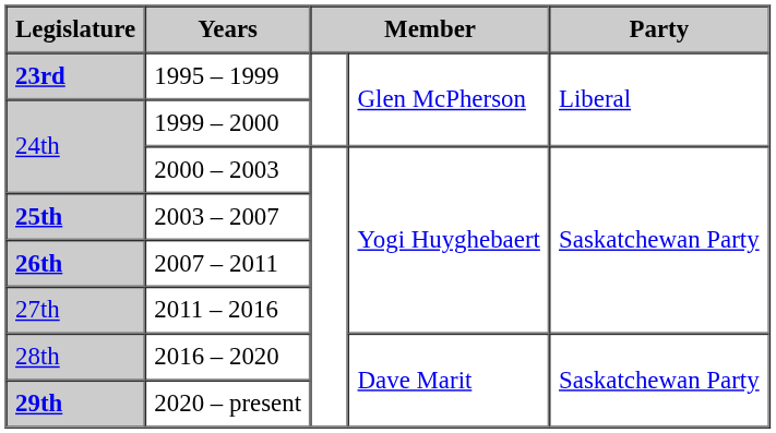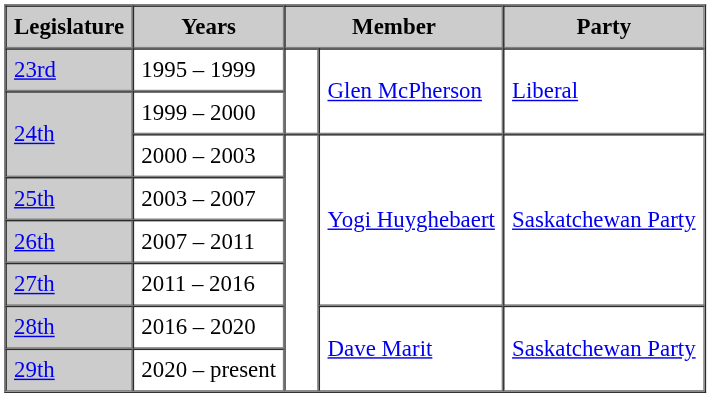 <table border=1 cellpadding=5 cellspacing=0>
 <tr bgcolor="CCCCCC">
 <th>Legislature</th>
 <th>Years</th>
 <th colspan="2">Member</th>
 <th>Party</th>
 </tr>
 <tr>
-<td bgcolor="CCCCCC"><strong><a href='#'>23rd</a></strong></td>
+<td bgcolor="CCCCCC"><a href='#'>23rd</a></td>
 <td>1995 – 1999</td>
 <td rowspan="2" >   </td>
 <td rowspan="2"><a href='#'>Glen McPherson</a></td>
 <td rowspan="2"><a href='#'>Liberal</a></td>
 </tr>
 <tr>
 <td bgcolor="CCCCCC" rowspan="2"><a href='#'>24th</a></td>
 <td>1999 – 2000</td>
 </tr>
 <tr>
 <td>2000 – 2003</td>
 <td rowspan="6" >   </td>
 <td rowspan="4"><a href='#'>Yogi Huyghebaert</a></td>
 <td rowspan="4"><a href='#'>Saskatchewan Party</a></td>
 </tr>
 <tr>
-<td bgcolor="CCCCCC"><strong><a href='#'>25th</a></strong></td>
+<td bgcolor="CCCCCC"><a href='#'>25th</a></td>
 <td>2003 – 2007</td>
 </tr>
 <tr>
-<td bgcolor="CCCCCC"><strong><a href='#'>26th</a></strong></td>
+<td bgcolor="CCCCCC"><a href='#'>26th</a></td>
 <td>2007 – 2011</td>
 </tr>
 <tr>
 <td bgcolor="CCCCCC"><a href='#'>27th</a></td>
 <td>2011 – 2016</td>
 </tr>
 <tr>
 <td bgcolor="CCCCCC"><a href='#'>28th</a></td>
 <td>2016 – 2020</td>
 <td rowspan="2"><a href='#'>Dave Marit</a></td>
 <td rowspan="2"><a href='#'>Saskatchewan Party</a></td>
 </tr>
 <tr>
-<td bgcolor="CCCCCC"><strong><a href='#'>29th</a></strong></td>
+<td bgcolor="CCCCCC"><a href='#'>29th</a></td>
 <td>2020 – present</td>
 </tr>
 </table>
